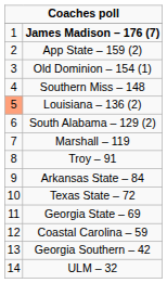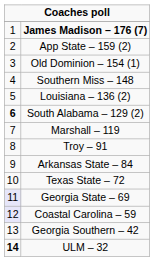 <table class="wikitable" style="display: inline-table;">
 <tr>
 <td align="center" Colspan="3"><strong>Coaches poll</strong></td>
 </tr>
 <tr align="center">
 </tr>
 <tr align="center">
 <td>1</td>
 <td><strong>James Madison – 176 (7)</strong></td>
 </tr>
 <tr align="center">
 <td>2</td>
 <td>App State – 159 (2)</td>
 </tr>
 <tr align="center">
 <td>3</td>
 <td>Old Dominion – 154 (1)</td>
 </tr>
 <tr align="center">
 <td>4</td>
 <td>Southern Miss – 148</td>
 </tr>
 <tr align="center">
-<td style="background: lightsalmon;">5</td>
+<td>5</td>
 <td>Louisiana – 136 (2)</td>
 </tr>
 <tr align="center">
-<td>6</td>
+<td><strong>6</strong></td>
 <td>South Alabama – 129 (2)</td>
 </tr>
 <tr align="center">
 <td>7</td>
 <td>Marshall – 119</td>
 </tr>
 <tr align="center">
 <td>8</td>
 <td>Troy – 91</td>
 </tr>
 <tr align="center">
 <td>9</td>
 <td>Arkansas State – 84</td>
 </tr>
 <tr align="center">
 <td>10</td>
 <td>Texas State – 72</td>
 </tr>
 <tr align="center">
-<td>11</td>
+<td style="background: lavender;">11</td>
 <td>Georgia State – 69</td>
 </tr>
 <tr align="center">
-<td>12</td>
+<td style="background: lavender;">12</td>
 <td>Coastal Carolina – 59</td>
 </tr>
 <tr align="center">
 <td>13</td>
 <td>Georgia Southern – 42</td>
 </tr>
 <tr align="center">
-<td>14</td>
+<td><strong>14</strong></td>
 <td>ULM – 32</td>
 </tr>
 </table>
